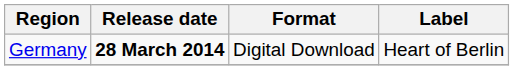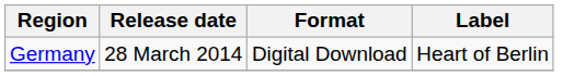 <table class="wikitable">
 <tr>
 <th>Region</th>
 <th>Release date</th>
 <th>Format</th>
 <th>Label</th>
 </tr>
 <tr>
 <td><a href='#'>Germany</a></td>
-<td><strong>28 March 2014</strong></td>
+<td>28 March 2014</td>
 <td>Digital Download</td>
 <td>Heart of Berlin</td>
 </tr>
 <tr>
 </tr>
 </table>
